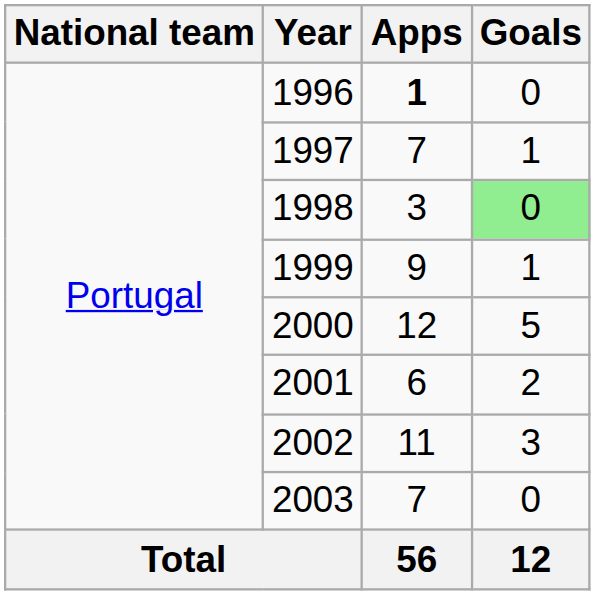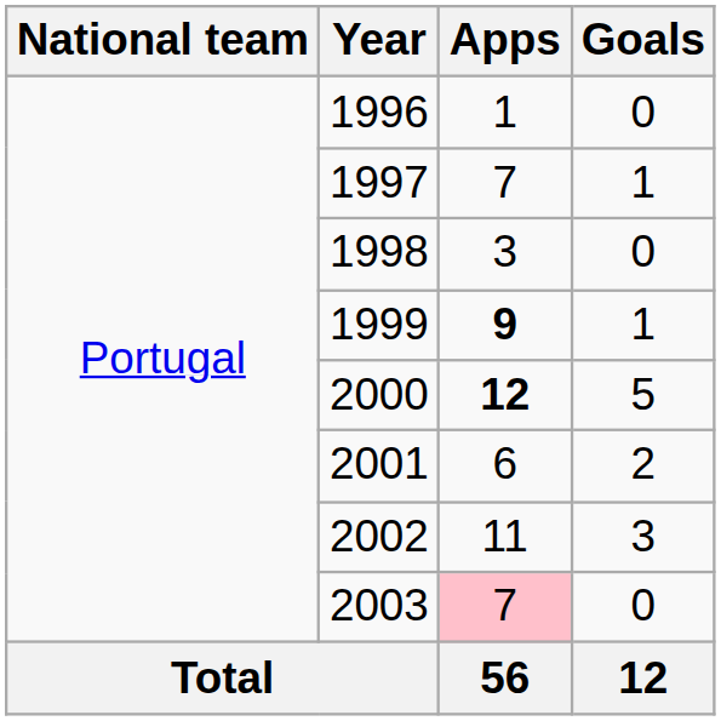 <table class="wikitable" style="text-align:center">
 <tr>
 <th>National team</th>
 <th>Year</th>
 <th>Apps</th>
 <th>Goals</th>
 </tr>
 <tr>
 <td rowspan="8"><a href='#'>Portugal</a></td>
 <td>1996</td>
-<td><strong>1</strong></td>
+<td>1</td>
 <td>0</td>
 </tr>
 <tr>
 <td>1997</td>
 <td>7</td>
 <td>1</td>
 </tr>
 <tr>
 <td>1998</td>
 <td>3</td>
-<td style="background: lightgreen;">0</td>
+<td>0</td>
 </tr>
 <tr>
 <td>1999</td>
-<td>9</td>
+<td><strong>9</strong></td>
 <td>1</td>
 </tr>
 <tr>
 <td>2000</td>
-<td>12</td>
+<td><strong>12</strong></td>
 <td>5</td>
 </tr>
 <tr>
 <td>2001</td>
 <td>6</td>
 <td>2</td>
 </tr>
 <tr>
 <td>2002</td>
 <td>11</td>
 <td>3</td>
 </tr>
 <tr>
 <td>2003</td>
-<td>7</td>
+<td style="background: pink;">7</td>
 <td>0</td>
 </tr>
 <tr>
 <th colspan="2">Total</th>
 <th>56</th>
 <th>12</th>
 </tr>
 </table>
